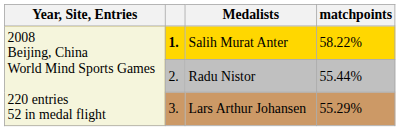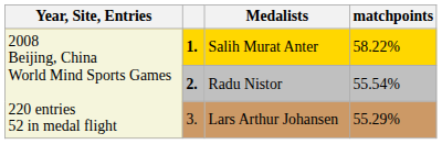 <table class="wikitable">
 <tr>
 <th>Year, Site, Entries</th>
 <th></th>
 <th>Medalists</th>
 <th>matchpoints</th>
 </tr>
 <tr bgcolor="gold">
 <td rowspan=3 bgcolor="beige" valign="Top">2008<br>Beijing, China <br>World Mind Sports Games   <br> <br>220 entries <br>52 in medal flight</td>
 <td><strong>1. </strong></td>
 <td> Salih Murat Anter</td>
 <td>58.22%</td>
 </tr>
 <tr bgcolor="silver">
-<td>2.</td>
+<td><strong>2.</strong></td>
 <td> Radu Nistor</td>
-<td>55.44%</td>
+<td>55.54%</td>
 </tr>
 <tr bgcolor="cc9966">
 <td>3.</td>
 <td> Lars Arthur Johansen  </td>
 <td>55.29%</td>
 </tr>
 </table>
